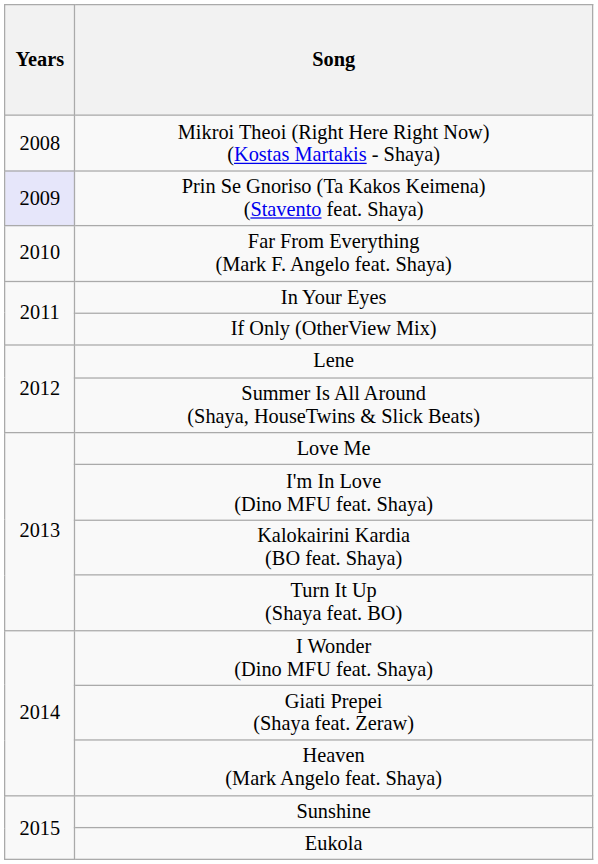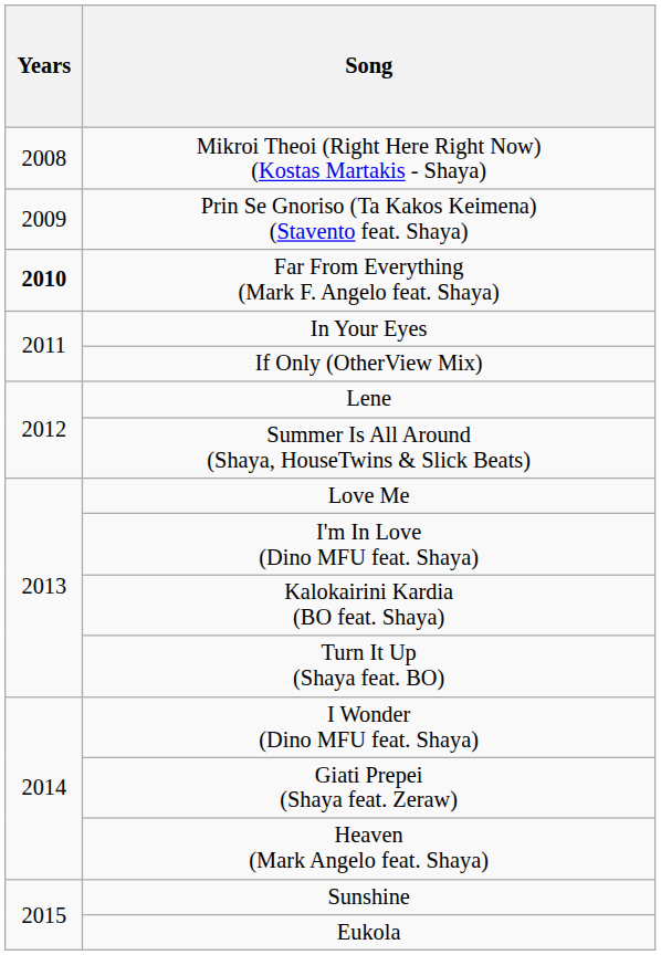 <table class="wikitable plainrowheaders" style="text-align:center;">
 <tr>
 <th scope="col" style="width:3em;">Years</th>
 <th scope="col" style="width:25em;height:5em;">Song</th>
 </tr>
 <tr>
 <td>2008</td>
 <td>Mikroi Theoi (Right Here Right Now)<br><span>(<a href='#'>Kostas Martakis</a> - Shaya)</span></td>
 </tr>
 <tr>
-<td style="background: lavender;">2009</td>
+<td>2009</td>
 <td>Prin Se Gnoriso (Ta Kakos Keimena)<br><span>(<a href='#'>Stavento</a> feat. Shaya)</span></td>
 </tr>
 <tr>
-<td>2010</td>
+<td><strong>2010</strong></td>
 <td>Far From Everything<br><span>(Mark F. Angelo feat. Shaya)</span></td>
 </tr>
 <tr>
 <td rowspan=2>2011</td>
 <td>In Your Eyes</td>
 </tr>
 <tr>
 <td>If Only (OtherView Mix)</td>
 </tr>
 <tr>
 <td rowspan=2>2012</td>
 <td>Lene</td>
 </tr>
 <tr>
 <td>Summer Is All Around<br><span>(Shaya, HouseTwins & Slick Beats)</span></td>
 </tr>
 <tr>
 <td rowspan=4>2013</td>
 <td>Love Me</td>
 </tr>
 <tr>
 <td>I'm In Love<br><span>(Dino MFU feat. Shaya)</span></td>
 </tr>
 <tr>
 <td>Kalokairini Kardia<br><span>(BO feat. Shaya)</span></td>
 </tr>
 <tr>
 <td>Turn It Up<br><span>(Shaya feat. BO)</span></td>
 </tr>
 <tr>
 <td rowspan=3>2014</td>
 <td>I Wonder<br><span>(Dino MFU feat. Shaya)</span></td>
 </tr>
 <tr>
 <td>Giati Prepei<br><span>(Shaya feat. Zeraw)</span></td>
 </tr>
 <tr>
 <td>Heaven<br><span>(Mark Angelo feat. Shaya)</span></td>
 </tr>
 <tr>
 <td rowspan=2>2015</td>
 <td>Sunshine</td>
 </tr>
 <tr>
 <td>Eukola</td>
 </tr>
 </table>
